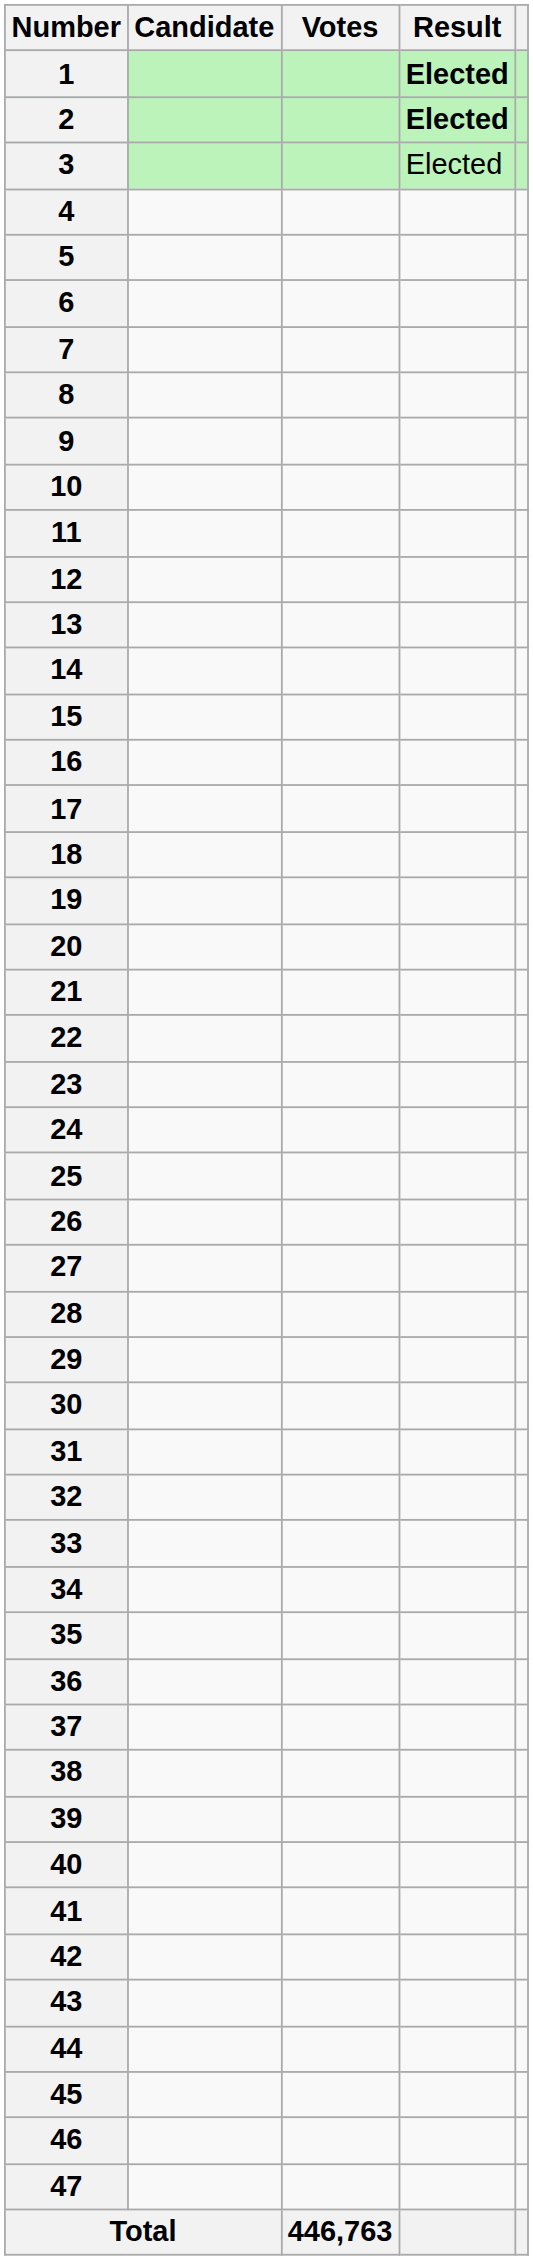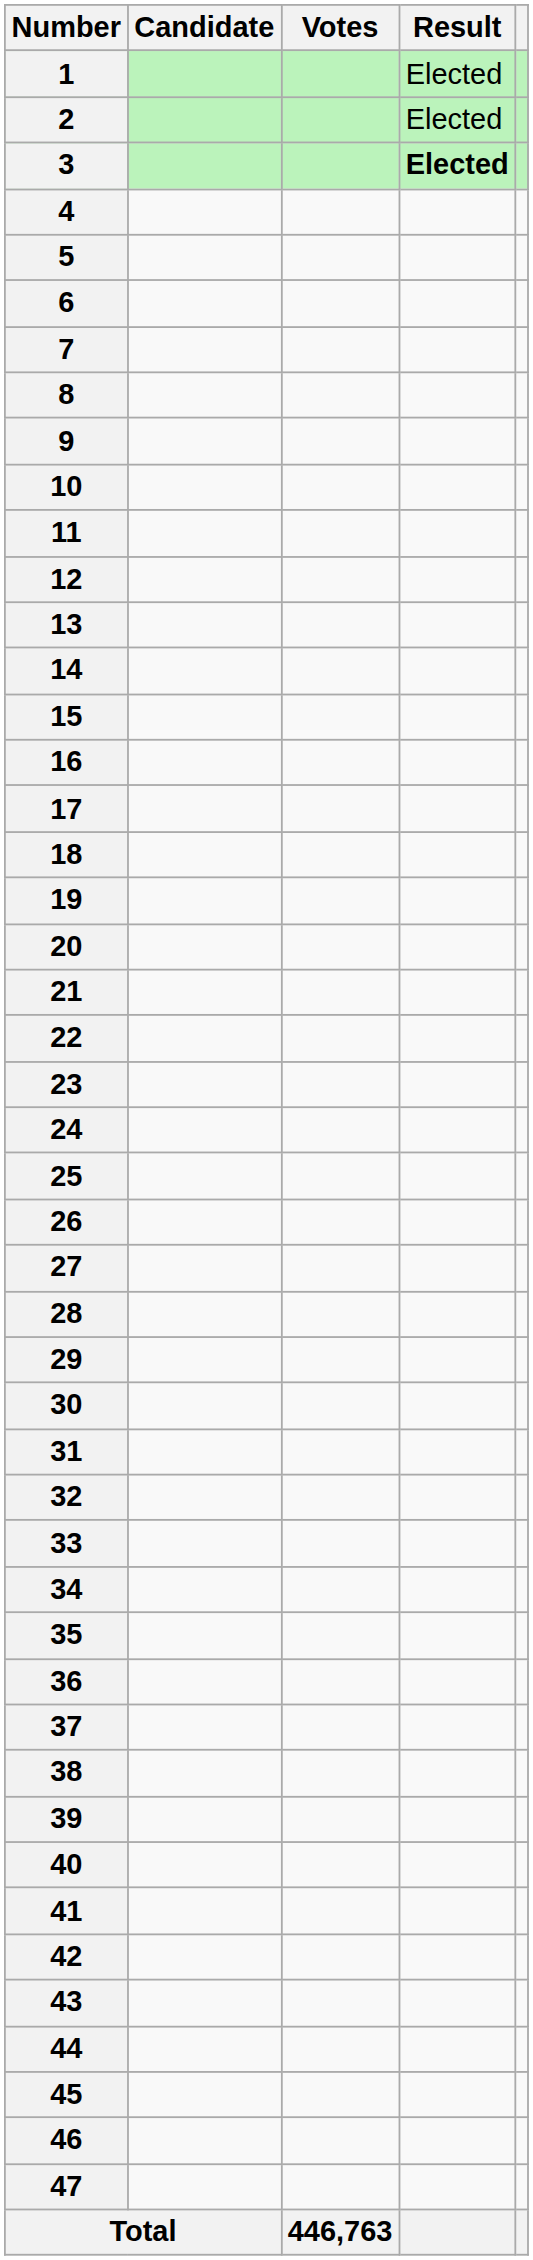 <table class="wikitable sortable">
 <tr>
 <th scope="col">Number</th>
 <th scope="col">Candidate</th>
 <th scope="col">Votes</th>
 <th scope="col">Result</th>
 <th scope="col" class="unsortable"></th>
 </tr>
 <tr bgcolor=bbf3bb>
 <th scope="row">1</th>
 <td></td>
 <td style="text-align:right"></td>
-<td><strong>Elected</strong></td>
+<td>Elected</td>
 <td></td>
 </tr>
 <tr bgcolor=bbf3bb>
 <th scope="row">2</th>
 <td></td>
 <td style="text-align:right"></td>
-<td><strong>Elected</strong></td>
+<td>Elected</td>
 <td></td>
 </tr>
 <tr bgcolor=bbf3bb>
 <th scope="row">3</th>
 <td></td>
 <td style="text-align:right"></td>
-<td>Elected</td>
+<td><strong>Elected</strong></td>
 <td></td>
 </tr>
 <tr>
 <th scope="row">4</th>
 <td></td>
 <td style="text-align:right"></td>
 <td></td>
 <td></td>
 </tr>
 <tr>
 <th scope="row">5</th>
 <td></td>
 <td style="text-align:right"></td>
 <td></td>
 <td></td>
 </tr>
 <tr>
 <th scope="row">6</th>
 <td></td>
 <td style="text-align:right"></td>
 <td></td>
 <td></td>
 </tr>
 <tr>
 <th scope="row">7</th>
 <td></td>
 <td style="text-align:right"></td>
 <td></td>
 <td></td>
 </tr>
 <tr>
 <th scope="row">8</th>
 <td></td>
 <td style="text-align:right"></td>
 <td></td>
 <td></td>
 </tr>
 <tr>
 <th scope="row">9</th>
 <td></td>
 <td style="text-align:right"></td>
 <td></td>
 <td></td>
 </tr>
 <tr>
 <th scope="row">10</th>
 <td></td>
 <td style="text-align:right"></td>
 <td></td>
 <td></td>
 </tr>
 <tr>
 <th scope="row">11</th>
 <td></td>
 <td style="text-align:right"></td>
 <td></td>
 <td></td>
 </tr>
 <tr>
 <th scope="row">12</th>
 <td></td>
 <td style="text-align:right"></td>
 <td></td>
 <td></td>
 </tr>
 <tr>
 <th scope="row">13</th>
 <td></td>
 <td style="text-align:right"></td>
 <td></td>
 <td></td>
 </tr>
 <tr>
 <th scope="row">14</th>
 <td></td>
 <td style="text-align:right"></td>
 <td></td>
 <td></td>
 </tr>
 <tr>
 <th scope="row">15</th>
 <td></td>
 <td style="text-align:right"></td>
 <td></td>
 <td></td>
 </tr>
 <tr>
 <th scope="row">16</th>
 <td></td>
 <td style="text-align:right"></td>
 <td></td>
 <td></td>
 </tr>
 <tr>
 <th scope="row">17</th>
 <td></td>
 <td style="text-align:right"></td>
 <td></td>
 <td></td>
 </tr>
 <tr>
 <th scope="row">18</th>
 <td></td>
 <td style="text-align:right"></td>
 <td></td>
 <td></td>
 </tr>
 <tr>
 <th scope="row">19</th>
 <td></td>
 <td style="text-align:right"></td>
 <td></td>
 <td></td>
 </tr>
 <tr>
 <th scope="row">20</th>
 <td></td>
 <td style="text-align:right"></td>
 <td></td>
 <td></td>
 </tr>
 <tr>
 <th scope="row">21</th>
 <td></td>
 <td style="text-align:right"></td>
 <td></td>
 <td></td>
 </tr>
 <tr>
 <th scope="row">22</th>
 <td></td>
 <td style="text-align:right"></td>
 <td></td>
 <td></td>
 </tr>
 <tr>
 <th scope="row">23</th>
 <td></td>
 <td style="text-align:right"></td>
 <td></td>
 <td></td>
 </tr>
 <tr>
 <th scope="row">24</th>
 <td></td>
 <td style="text-align:right"></td>
 <td></td>
 <td></td>
 </tr>
 <tr>
 <th scope="row">25</th>
 <td></td>
 <td style="text-align:right"></td>
 <td></td>
 <td></td>
 </tr>
 <tr>
 <th scope="row">26</th>
 <td></td>
 <td style="text-align:right"></td>
 <td></td>
 <td></td>
 </tr>
 <tr>
 <th scope="row">27</th>
 <td></td>
 <td style="text-align:right"></td>
 <td></td>
 <td></td>
 </tr>
 <tr>
 <th scope="row">28</th>
 <td></td>
 <td style="text-align:right"></td>
 <td></td>
 <td></td>
 </tr>
 <tr>
 <th scope="row">29</th>
 <td></td>
 <td style="text-align:right"></td>
 <td></td>
 <td></td>
 </tr>
 <tr>
 <th scope="row">30</th>
 <td></td>
 <td style="text-align:right"></td>
 <td></td>
 <td></td>
 </tr>
 <tr>
 <th scope="row">31</th>
 <td></td>
 <td style="text-align:right"></td>
 <td></td>
 <td></td>
 </tr>
 <tr>
 <th scope="row">32</th>
 <td></td>
 <td style="text-align:right"></td>
 <td></td>
 <td></td>
 </tr>
 <tr>
 <th scope="row">33</th>
 <td></td>
 <td style="text-align:right"></td>
 <td></td>
 <td></td>
 </tr>
 <tr>
 <th scope="row">34</th>
 <td></td>
 <td style="text-align:right"></td>
 <td></td>
 <td></td>
 </tr>
 <tr>
 <th scope="row">35</th>
 <td></td>
 <td style="text-align:right"></td>
 <td></td>
 <td></td>
 </tr>
 <tr>
 <th scope="row">36</th>
 <td></td>
 <td style="text-align:right"></td>
 <td></td>
 <td></td>
 </tr>
 <tr>
 <th scope="row">37</th>
 <td></td>
 <td style="text-align:right"></td>
 <td></td>
 <td></td>
 </tr>
 <tr>
 <th scope="row">38</th>
 <td></td>
 <td style="text-align:right"></td>
 <td></td>
 <td></td>
 </tr>
 <tr>
 <th scope="row">39</th>
 <td></td>
 <td style="text-align:right"></td>
 <td></td>
 <td></td>
 </tr>
 <tr>
 <th scope="row">40</th>
 <td></td>
 <td style="text-align:right"></td>
 <td></td>
 <td></td>
 </tr>
 <tr>
 <th scope="row">41</th>
 <td></td>
 <td style="text-align:right"></td>
 <td></td>
 <td></td>
 </tr>
 <tr>
 <th scope="row">42</th>
 <td></td>
 <td style="text-align:right"></td>
 <td></td>
 <td></td>
 </tr>
 <tr>
 <th scope="row">43</th>
 <td></td>
 <td style="text-align:right"></td>
 <td></td>
 <td></td>
 </tr>
 <tr>
 <th scope="row">44</th>
 <td></td>
 <td style="text-align:right"></td>
 <td></td>
 <td></td>
 </tr>
 <tr>
 <th scope="row">45</th>
 <td></td>
 <td style="text-align:right"></td>
 <td></td>
 <td></td>
 </tr>
 <tr>
 <th scope="row">46</th>
 <td></td>
 <td style="text-align:right"></td>
 <td></td>
 <td></td>
 </tr>
 <tr>
 <th scope="row">47</th>
 <td></td>
 <td style="text-align:right"></td>
 <td></td>
 <td></td>
 </tr>
 <tr class="sortbottom">
 <th scope="row" colspan="2">Total</th>
 <th style="text-align:right">446,763</th>
 <th></th>
 <th></th>
 </tr>
 </table>
